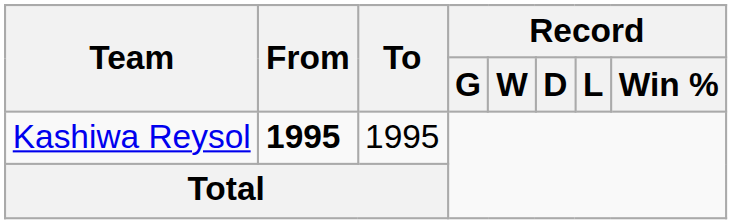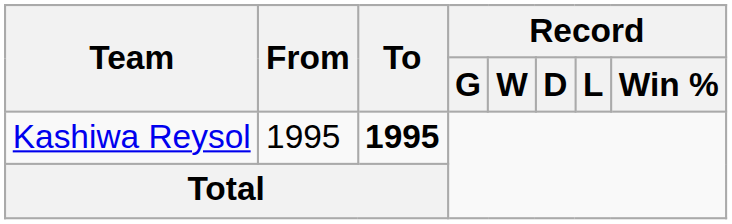 <table class="wikitable" style="text-align: center">
 <tr>
 <th rowspan="2">Team</th>
 <th rowspan="2">From</th>
 <th rowspan="2">To</th>
 <th colspan="5">Record</th>
 </tr>
 <tr>
 <th>G</th>
 <th>W</th>
 <th>D</th>
 <th>L</th>
 <th>Win %</th>
 </tr>
 <tr>
 <td align="left"><a href='#'>Kashiwa Reysol</a></td>
-<td align="left"><strong>1995</strong></td>
-<td align="left">1995<br></td>
+<td align="left">1995</td>
+<td align="left"><strong>1995<br></strong></td>
 </tr>
 <tr>
 <th colspan="3">Total<br></th>
 </tr>
 </table>
